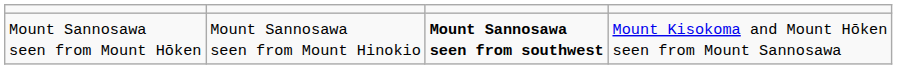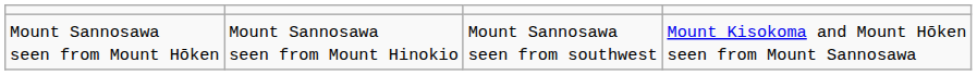 <table class="wikitable">
 <tr>
 <td></td>
 <td></td>
 <td></td>
 <td></td>
 </tr>
 <tr>
 <td><small>Mount Sannosawa<br>seen from Mount Hōken</small></td>
 <td><small>Mount Sannosawa<br>seen from Mount Hinokio</small></td>
-<td><strong><small>Mount Sannosawa<br>seen from southwest</small></strong></td>
+<td><small>Mount Sannosawa<br>seen from southwest</small></td>
 <td><small><a href='#'>Mount Kisokoma</a> and Mount Hōken<br>seen from Mount Sannosawa </small></td>
 </tr>
 </table>
